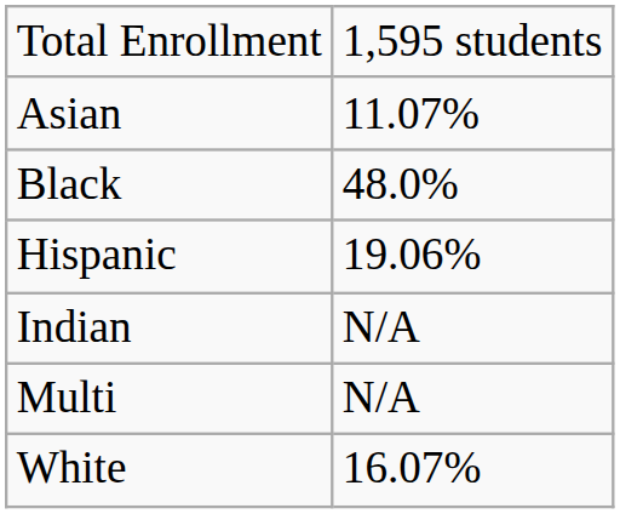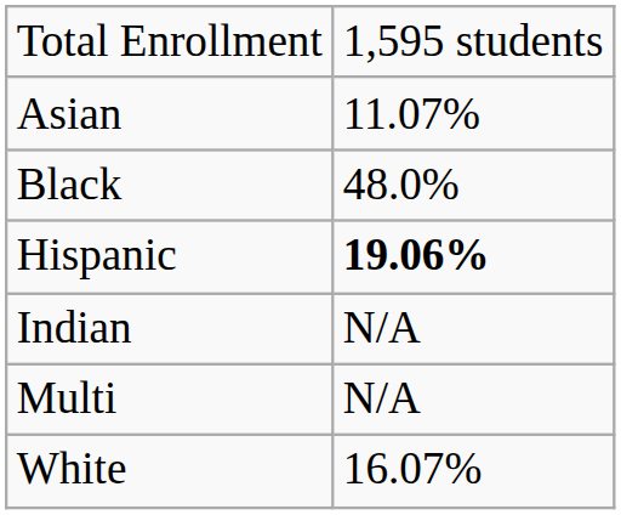 <table class="wikitable">
 <tr>
 <td>Total Enrollment</td>
 <td>1,595 students</td>
 </tr>
 <tr>
 <td>Asian</td>
 <td>11.07%</td>
 </tr>
 <tr>
 <td>Black</td>
 <td>48.0%</td>
 </tr>
 <tr>
 <td>Hispanic</td>
-<td>19.06%</td>
+<td><strong>19.06%</strong></td>
 </tr>
 <tr>
 <td>Indian</td>
 <td>N/A</td>
 </tr>
 <tr>
 <td>Multi</td>
 <td>N/A</td>
 </tr>
 <tr>
 <td>White</td>
 <td>16.07%</td>
 </tr>
 </table>
